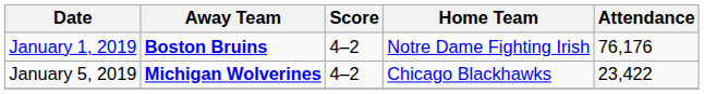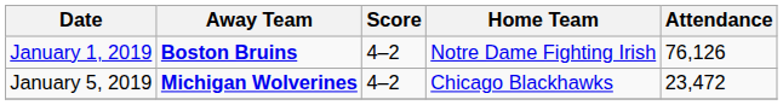 <table class="wikitable">
 <tr>
 <th>Date</th>
 <th>Away Team</th>
 <th>Score</th>
 <th>Home Team</th>
 <th>Attendance</th>
 </tr>
 <tr>
 <td><a href='#'>January 1, 2019</a></td>
 <td><strong><a href='#'>Boston Bruins</a></strong></td>
 <td>4–2</td>
 <td><a href='#'>Notre Dame Fighting Irish</a></td>
-<td>76,176</td>
+<td>76,126</td>
 </tr>
 <tr>
 <td>January 5, 2019</td>
 <td><strong><a href='#'>Michigan Wolverines</a></strong></td>
 <td>4–2</td>
 <td><a href='#'>Chicago Blackhawks</a></td>
-<td>23,422</td>
+<td>23,472</td>
 </tr>
 <tr>
 </tr>
 </table>
